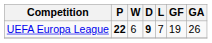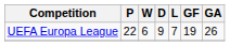 <table class="wikitable">
 <tr>
 <th>Competition</th>
 <th>P</th>
 <th>W</th>
 <th>D</th>
 <th>L</th>
 <th>GF</th>
 <th>GA</th>
 </tr>
 <tr>
 <td><a href='#'>UEFA Europa League</a></td>
-<td><strong>22</strong></td>
+<td>22</td>
 <td>6</td>
-<td><strong>9</strong></td>
+<td>9</td>
 <td>7</td>
 <td>19</td>
 <td>26</td>
 </tr>
 <tr>
 </tr>
 </table>
